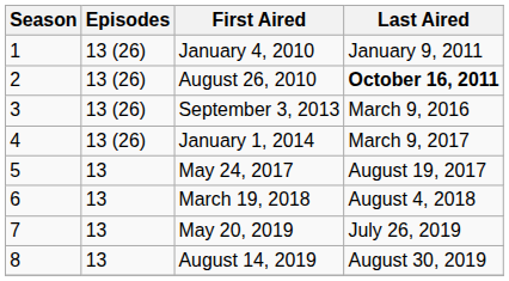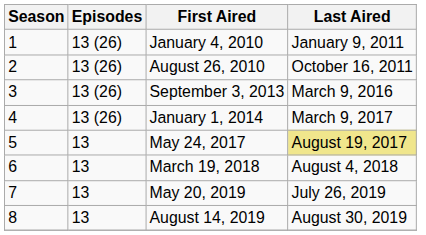 <table class="wikitable">
 <tr>
 <th>Season</th>
 <th>Episodes</th>
 <th>First Aired</th>
 <th>Last Aired</th>
 </tr>
 <tr>
 <td>1</td>
 <td>13 (26)</td>
 <td>January 4, 2010</td>
 <td>January 9, 2011</td>
 </tr>
 <tr>
 <td>2</td>
 <td>13 (26)</td>
 <td>August 26, 2010</td>
-<td><strong>October 16, 2011</strong></td>
+<td>October 16, 2011</td>
 </tr>
 <tr>
 <td>3</td>
 <td>13 (26)</td>
 <td>September 3, 2013</td>
 <td>March 9, 2016</td>
 </tr>
 <tr>
 <td>4</td>
 <td>13 (26)</td>
 <td>January 1, 2014</td>
 <td>March 9, 2017</td>
 </tr>
 <tr>
 <td>5</td>
 <td>13</td>
 <td>May 24, 2017</td>
-<td>August 19, 2017</td>
+<td style="background: khaki;">August 19, 2017</td>
 </tr>
 <tr>
 <td>6</td>
 <td>13</td>
 <td>March 19, 2018</td>
 <td>August 4, 2018</td>
 </tr>
 <tr>
 <td>7</td>
 <td>13</td>
 <td>May 20, 2019</td>
 <td>July 26, 2019</td>
 </tr>
 <tr>
 <td>8</td>
 <td>13</td>
 <td>August 14, 2019</td>
 <td>August 30, 2019</td>
 </tr>
 <tr>
 </tr>
 </table>
